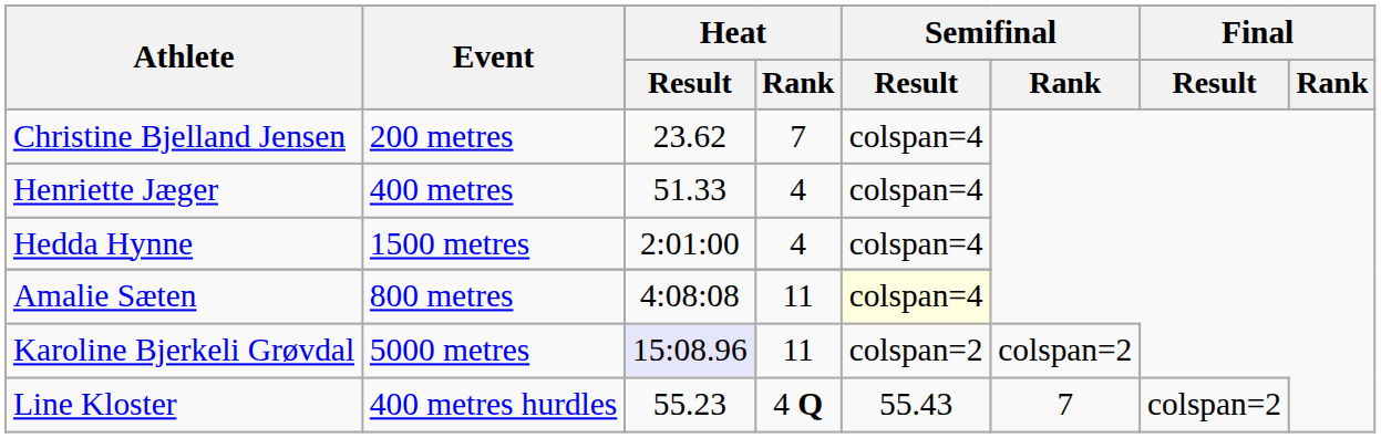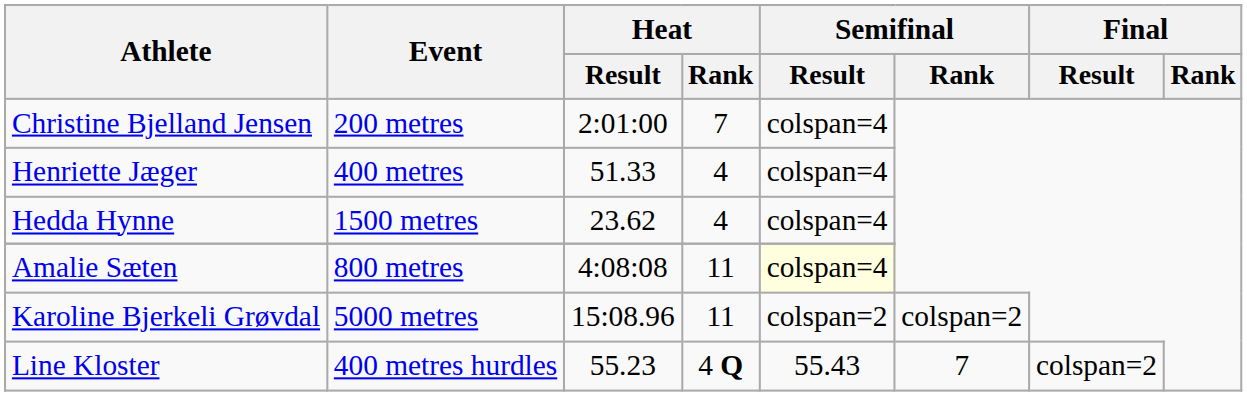 <table class="wikitable" style="font-size:90%">
 <tr>
 <th rowspan="2">Athlete</th>
 <th rowspan="2">Event</th>
 <th colspan="2">Heat</th>
 <th colspan="2">Semifinal</th>
 <th colspan="2">Final</th>
 </tr>
 <tr style="font-size:95%">
 <th>Result</th>
 <th>Rank</th>
 <th>Result</th>
 <th>Rank</th>
 <th>Result</th>
 <th>Rank</th>
 </tr>
 <tr align=center>
 <td align=left><a href='#'>Christine Bjelland Jensen</a></td>
 <td align=left><a href='#'>200 metres</a></td>
-<td>23.62</td>
+<td>2:01:00 </td>
 <td>7</td>
 <td>colspan=4 </td>
 </tr>
 <tr align=center>
 <td align=left><a href='#'>Henriette Jæger</a></td>
 <td align=left><a href='#'>400 metres</a></td>
 <td>51.33</td>
 <td>4</td>
 <td>colspan=4 </td>
 </tr>
 <tr align=center>
 <td align=left><a href='#'>Hedda Hynne</a></td>
 <td align=left><a href='#'>1500 metres</a></td>
-<td>2:01:00 </td>
+<td>23.62</td>
 <td>4</td>
 <td>colspan=4 </td>
 </tr>
 <tr align=center>
 </tr>
 <tr align=center>
 <td align=left><a href='#'>Amalie Sæten</a></td>
 <td align=left><a href='#'>800 metres</a></td>
 <td>4:08:08 </td>
 <td>11</td>
 <td style="background: lightyellow;">colspan=4 </td>
 </tr>
 <tr align=center>
 <td align=left><a href='#'>Karoline Bjerkeli Grøvdal</a></td>
 <td align=left><a href='#'>5000 metres</a></td>
-<td style="background: lavender;">15:08.96</td>
+<td>15:08.96</td>
 <td>11</td>
 <td>colspan=2</td>
 <td>colspan=2 </td>
 </tr>
 <tr align=center>
 <td align=left><a href='#'>Line Kloster</a></td>
 <td align=left><a href='#'>400 metres hurdles</a></td>
 <td>55.23</td>
 <td>4 <strong>Q</strong></td>
 <td>55.43</td>
 <td>7</td>
 <td>colspan=2 </td>
 </tr>
 </table>
